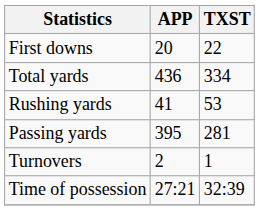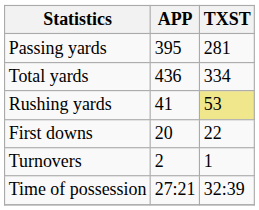 <table class="wikitable" style="float: left;">
 <tr>
 <th>Statistics</th>
 <th>APP</th>
 <th>TXST</th>
 </tr>
 <tr>
-<td>First downs</td>
-<td>20</td>
-<td>22</td>
+<td>Passing yards</td>
+<td>395</td>
+<td>281</td>
 </tr>
 <tr>
 <td>Total yards</td>
 <td>436</td>
 <td>334</td>
 </tr>
 <tr>
 <td>Rushing yards</td>
 <td>41</td>
-<td>53</td>
+<td style="background: khaki;">53</td>
 </tr>
 <tr>
-<td>Passing yards</td>
-<td>395</td>
-<td>281</td>
+<td>First downs</td>
+<td>20</td>
+<td>22</td>
 </tr>
 <tr>
 <td>Turnovers</td>
 <td>2</td>
 <td>1</td>
 </tr>
 <tr>
 <td>Time of possession</td>
 <td>27:21</td>
 <td>32:39</td>
 </tr>
 <tr>
 </tr>
 </table>
